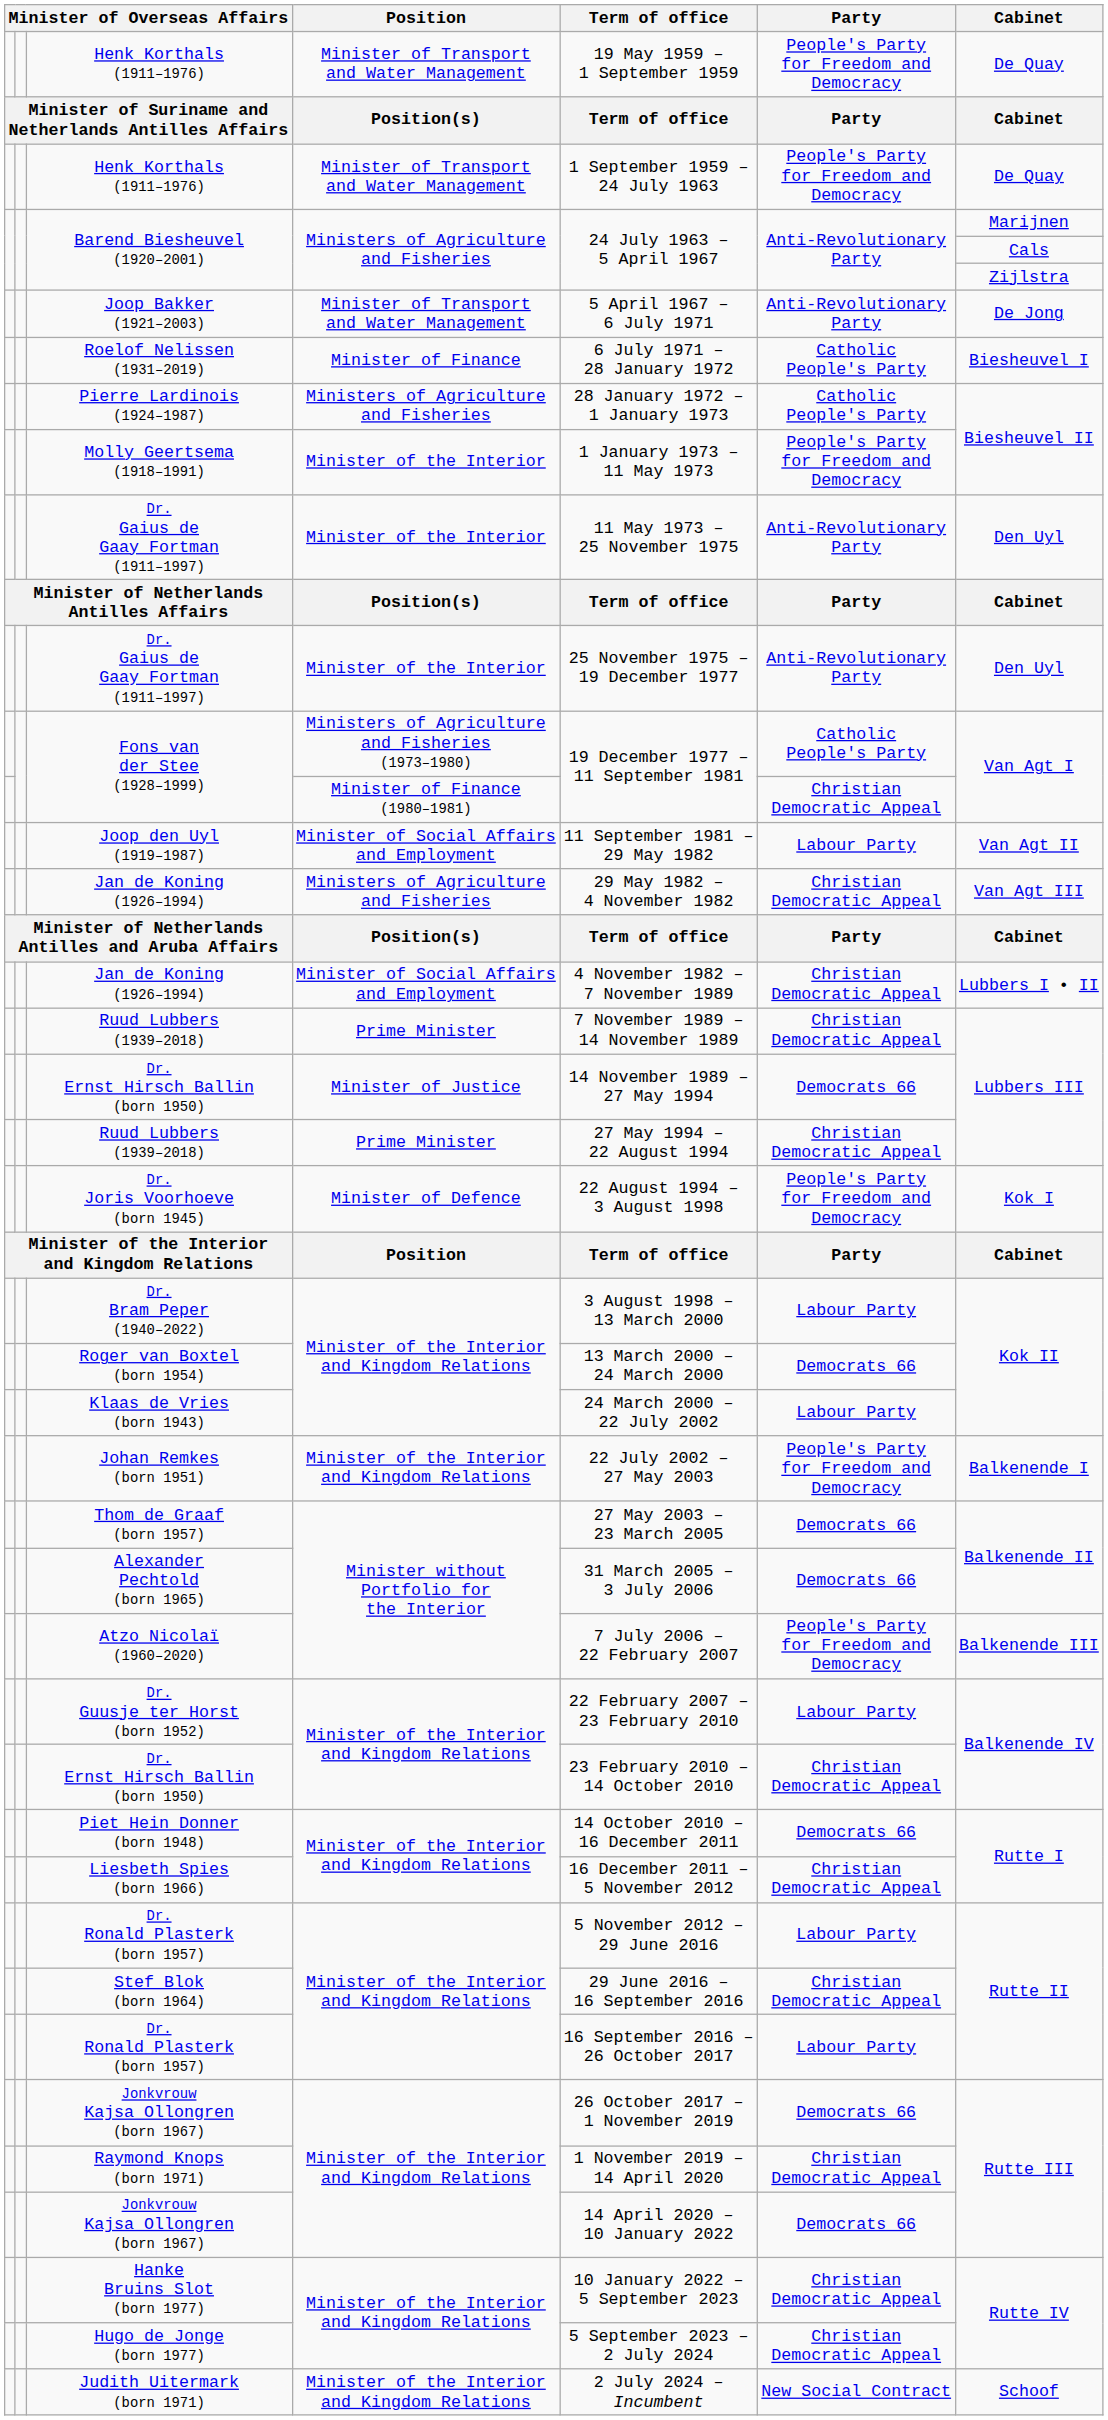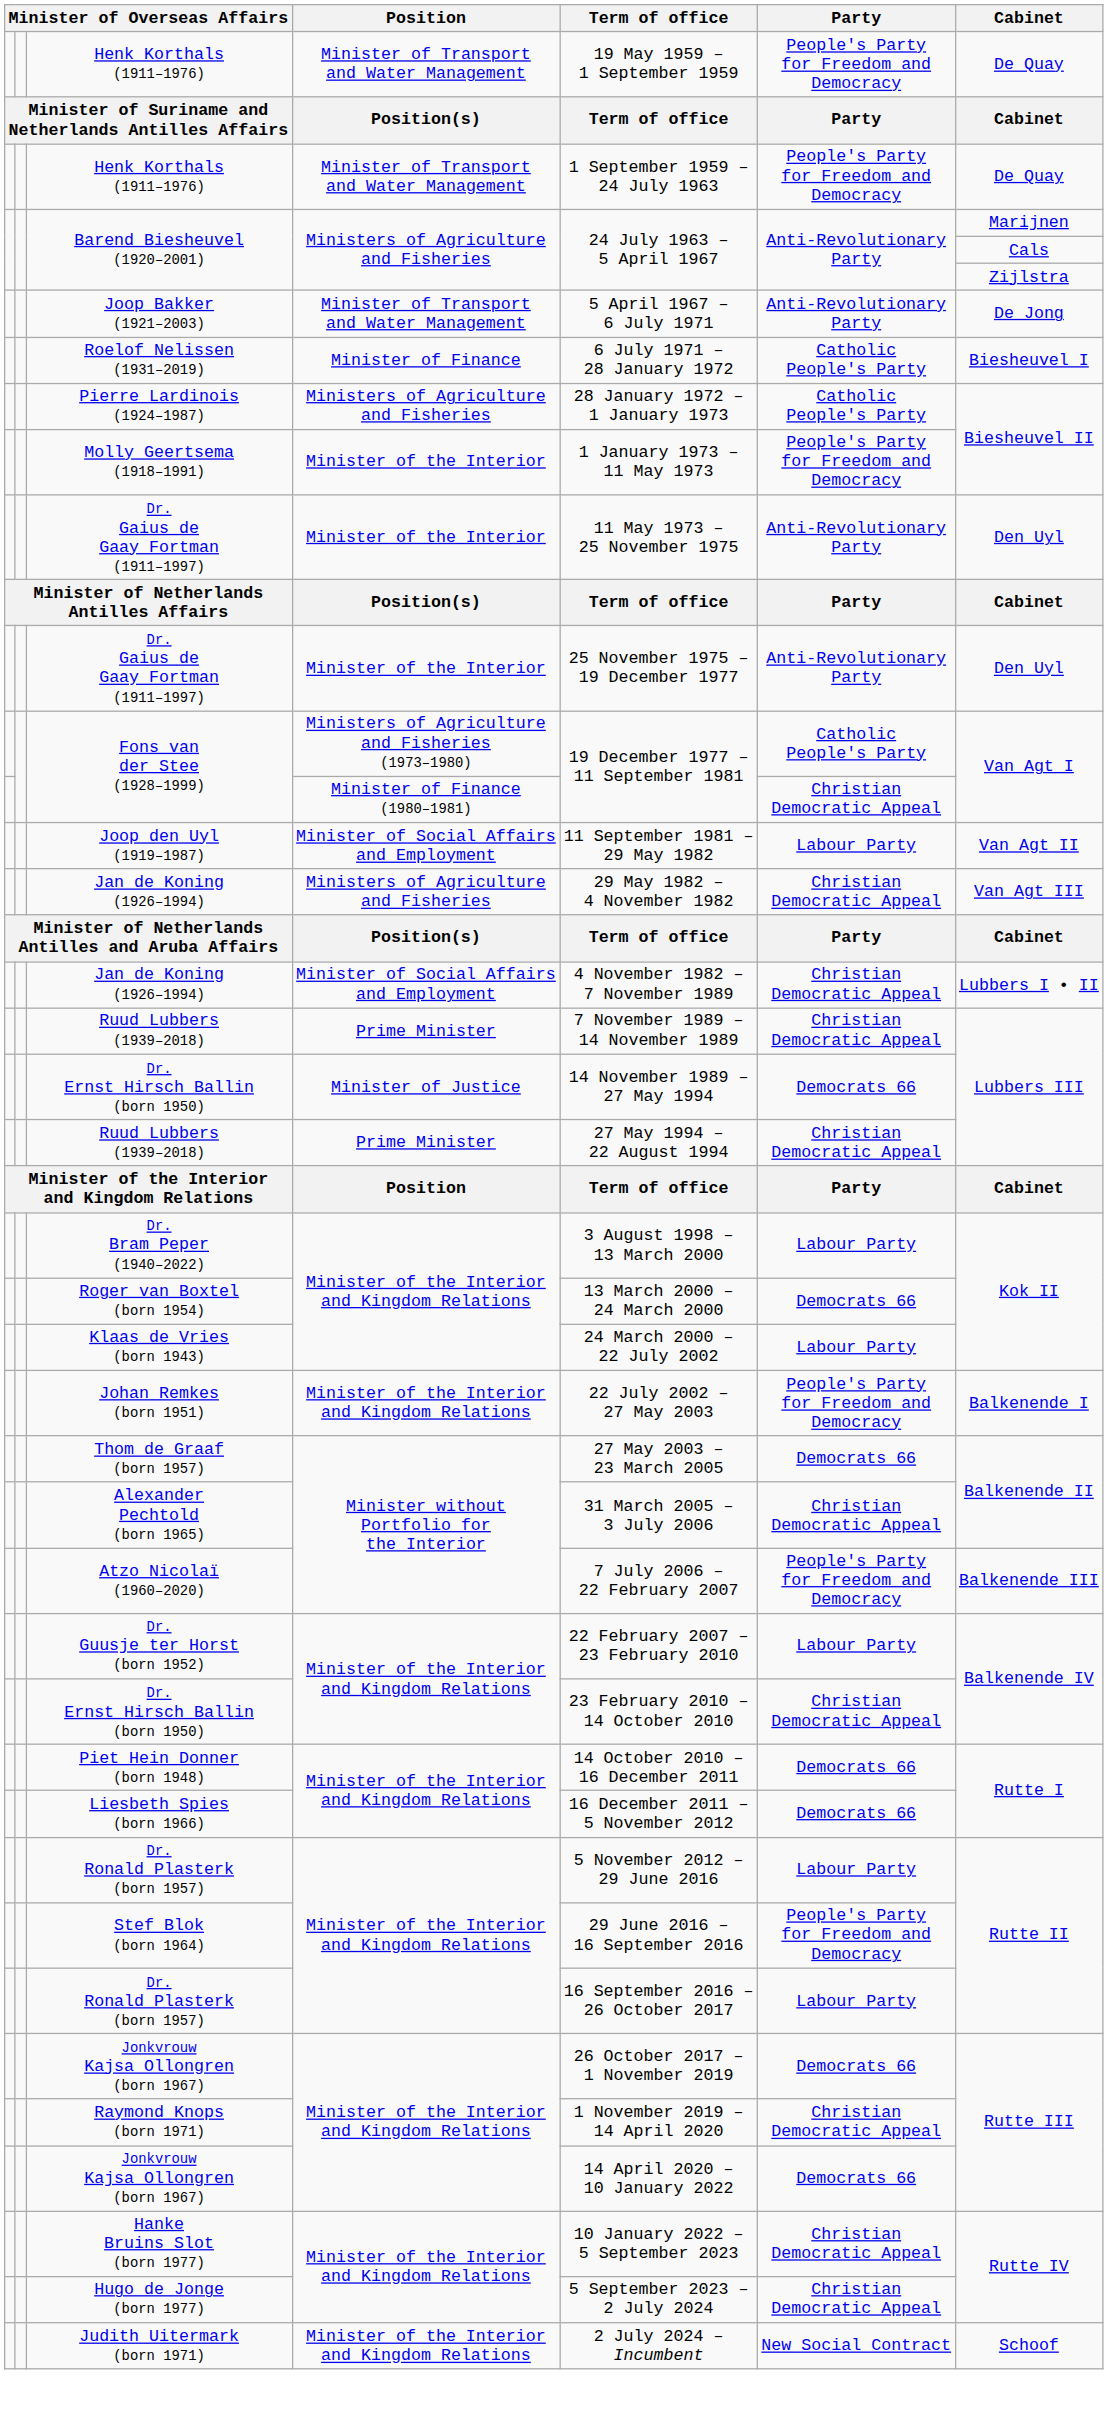 <table class="wikitable" style="text-align:center">
 <tr>
 <th colspan=3>Minister of Overseas Affairs</th>
 <th>Position</th>
 <th>Term of office</th>
 <th>Party</th>
 <th>Cabinet</th>
 </tr>
 <tr>
 <td style="background:"></td>
 <td></td>
 <td><a href='#'>Henk Korthals</a> <br> <small>(1911–1976)</small> <br> <small></small></td>
 <td><a href='#'>Minister of Transport <br> and Water Management</a></td>
 <td>19 May 1959 – <br> 1 September 1959</td>
 <td><a href='#'>People's Party <br> for Freedom and <br> Democracy</a></td>
 <td><a href='#'>De Quay</a> <br></td>
 </tr>
 <tr>
 <th colspan=3>Minister of Suriname and <br> Netherlands Antilles Affairs</th>
 <th>Position(s)</th>
 <th>Term of office</th>
 <th>Party</th>
 <th>Cabinet</th>
 </tr>
 <tr>
 <td style="background:"></td>
 <td></td>
 <td><a href='#'>Henk Korthals</a> <br> <small>(1911–1976)</small> <br> <small></small></td>
 <td><a href='#'>Minister of Transport <br> and Water Management</a></td>
 <td>1 September 1959 – <br> 24 July 1963</td>
 <td><a href='#'>People's Party <br> for Freedom and <br> Democracy</a></td>
 <td><a href='#'>De Quay</a> <br></td>
 </tr>
 <tr>
 <td rowspan=3 style="background:"></td>
 <td rowspan=3></td>
 <td rowspan=3><a href='#'>Barend Biesheuvel</a> <br> <small>(1920–2001)</small> <br> <small></small></td>
 <td rowspan=3><a href='#'>Ministers of Agriculture <br> and Fisheries</a></td>
 <td rowspan=3>24 July 1963 – <br> 5 April 1967</td>
 <td rowspan=3><a href='#'>Anti-Revolutionary <br> Party</a></td>
 <td><a href='#'>Marijnen</a> <br></td>
 </tr>
 <tr>
 <td><a href='#'>Cals</a> <br></td>
 </tr>
 <tr>
 <td><a href='#'>Zijlstra</a> <br></td>
 </tr>
 <tr>
 <td style="background:"></td>
 <td></td>
 <td><a href='#'>Joop Bakker</a> <br> <small>(1921–2003)</small> <br> <small></small></td>
 <td><a href='#'>Minister of Transport <br> and Water Management</a></td>
 <td>5 April 1967 – <br> 6 July 1971</td>
 <td><a href='#'>Anti-Revolutionary <br> Party</a></td>
 <td><a href='#'>De Jong</a> <br></td>
 </tr>
 <tr>
 <td style="background:"></td>
 <td></td>
 <td><a href='#'>Roelof Nelissen</a> <br> <small>(1931–2019)</small> <br> <small></small></td>
 <td><a href='#'>Minister of Finance</a></td>
 <td>6 July 1971 – <br> 28 January 1972</td>
 <td><a href='#'>Catholic <br> People's Party</a></td>
 <td rowspan=2><a href='#'>Biesheuvel I</a> <br></td>
 </tr>
 <tr>
 <td rowspan=2 style="background:"></td>
 <td rowspan=2></td>
 <td rowspan=2><a href='#'>Pierre Lardinois</a> <br> <small>(1924–1987)</small></td>
 <td rowspan=2><a href='#'>Ministers of Agriculture <br> and Fisheries</a></td>
 <td rowspan=2>28 January 1972 – <br> 1 January 1973 <br> </td>
 <td rowspan=2><a href='#'>Catholic <br> People's Party</a></td>
 </tr>
 <tr>
 <td rowspan=2><a href='#'>Biesheuvel II</a> <br></td>
 </tr>
 <tr>
 <td style="background:"></td>
 <td></td>
 <td><a href='#'>Molly Geertsema</a> <br> <small>(1918–1991)</small> <br> <small></small></td>
 <td><a href='#'>Minister of the Interior</a></td>
 <td>1 January 1973 – <br> 11 May 1973</td>
 <td><a href='#'>People's Party <br> for Freedom and <br> Democracy</a></td>
 </tr>
 <tr>
 <td style="background:"></td>
 <td></td>
 <td><small><a href='#'>Dr.</a></small> <br> <a href='#'>Gaius de <br> Gaay Fortman</a> <br> <small>(1911–1997)</small></td>
 <td><a href='#'>Minister of the Interior</a></td>
 <td>11 May 1973 – <br> 25 November 1975</td>
 <td><a href='#'>Anti-Revolutionary <br> Party</a></td>
 <td><a href='#'>Den Uyl</a> <br></td>
 </tr>
 <tr>
 <th colspan=3>Minister of Netherlands <br> Antilles Affairs</th>
 <th>Position(s)</th>
 <th>Term of office</th>
 <th>Party</th>
 <th>Cabinet</th>
 </tr>
 <tr>
 <td style="background:"></td>
 <td></td>
 <td><small><a href='#'>Dr.</a></small> <br> <a href='#'>Gaius de <br> Gaay Fortman</a> <br> <small>(1911–1997)</small> <br> <small></small></td>
 <td><a href='#'>Minister of the Interior</a></td>
 <td>25 November 1975 – <br> 19 December 1977 <br> </td>
 <td><a href='#'>Anti-Revolutionary <br> Party</a></td>
 <td><a href='#'>Den Uyl</a> <br></td>
 </tr>
 <tr>
 <td style="background:"></td>
 <td rowspan=2></td>
 <td rowspan=2><a href='#'>Fons van <br> der Stee</a> <br> <small>(1928–1999)</small></td>
 <td><a href='#'>Ministers of Agriculture <br> and Fisheries</a> <br> <small>(1973–1980)</small></td>
 <td rowspan=2>19 December 1977 – <br> 11 September 1981</td>
 <td><a href='#'>Catholic <br> People's Party</a></td>
 <td rowspan=2><a href='#'>Van Agt I</a> <br></td>
 </tr>
 <tr>
 <td style="background:"></td>
 <td><a href='#'>Minister of Finance</a> <br> <small>(1980–1981)</small></td>
 <td><a href='#'>Christian <br> Democratic Appeal</a></td>
 </tr>
 <tr>
 <td style="background:"></td>
 <td></td>
 <td><a href='#'>Joop den Uyl</a> <br> <small>(1919–1987)</small> <br> <small></small></td>
 <td><a href='#'>Minister of Social Affairs <br> and Employment</a></td>
 <td>11 September 1981 – <br> 29 May 1982 <br> </td>
 <td><a href='#'>Labour Party</a></td>
 <td><a href='#'>Van Agt II</a> <br></td>
 </tr>
 <tr>
 <td style="background:"></td>
 <td></td>
 <td><a href='#'>Jan de Koning</a> <br> <small>(1926–1994)</small></td>
 <td><a href='#'>Ministers of Agriculture <br> and Fisheries</a></td>
 <td>29 May 1982 – <br> 4 November 1982</td>
 <td><a href='#'>Christian <br> Democratic Appeal</a></td>
 <td><a href='#'>Van Agt III</a> <br></td>
 </tr>
 <tr>
 <th colspan=3>Minister of Netherlands <br> Antilles and Aruba Affairs</th>
 <th>Position(s)</th>
 <th>Term of office</th>
 <th>Party</th>
 <th>Cabinet</th>
 </tr>
 <tr>
 <td style="background:"></td>
 <td></td>
 <td><a href='#'>Jan de Koning</a> <br> <small>(1926–1994)</small></td>
 <td><a href='#'>Minister of Social Affairs <br> and Employment</a></td>
 <td>4 November 1982 – <br> 7 November 1989</td>
 <td><a href='#'>Christian <br> Democratic Appeal</a></td>
 <td><a href='#'>Lubbers I</a> • <a href='#'>II</a> <br></td>
 </tr>
 <tr>
 <td style="background:"></td>
 <td></td>
 <td><a href='#'>Ruud Lubbers</a> <br> <small>(1939–2018)</small></td>
 <td><a href='#'>Prime Minister</a></td>
 <td>7 November 1989 – <br> 14 November 1989 <br> </td>
 <td><a href='#'>Christian <br> Democratic Appeal</a></td>
 <td rowspan=3><a href='#'>Lubbers III</a> <br></td>
 </tr>
 <tr>
 <td style="background:"></td>
 <td></td>
 <td><small><a href='#'>Dr.</a></small> <br> <a href='#'>Ernst Hirsch Ballin</a> <br> <small>(born 1950)</small></td>
 <td><a href='#'>Minister of Justice</a></td>
 <td>14 November 1989 – <br> 27 May 1994 <br> </td>
 <td><a href='#'>Democrats 66</a></td>
 </tr>
 <tr>
 <td style="background:"></td>
 <td></td>
 <td><a href='#'>Ruud Lubbers</a> <br> <small>(1939–2018)</small></td>
 <td><a href='#'>Prime Minister</a></td>
 <td>27 May 1994 – <br> 22 August 1994 <br> </td>
 <td><a href='#'>Christian <br> Democratic Appeal</a></td>
 </tr>
 <tr>
-<td style="background:"></td>
-<td></td>
-<td><small><a href='#'>Dr.</a></small> <br> <a href='#'>Joris Voorhoeve</a> <br> <small>(born 1945)</small></td>
-<td><a href='#'>Minister of Defence</a></td>
-<td>22 August 1994 – <br> 3 August 1998</td>
-<td><a href='#'>People's Party <br> for Freedom and <br> Democracy</a></td>
-<td><a href='#'>Kok I</a> <br></td>
-</tr>
-<tr>
 <th colspan=3>Minister of the Interior <br> and Kingdom Relations</th>
 <th>Position</th>
 <th>Term of office</th>
 <th>Party</th>
 <th>Cabinet</th>
 </tr>
 <tr>
 <td style="background:"></td>
 <td></td>
 <td><small><a href='#'>Dr.</a></small> <br> <a href='#'>Bram Peper</a> <br> <small>(1940–2022)</small></td>
 <td rowspan=3><a href='#'>Minister of the Interior <br> and Kingdom Relations</a></td>
 <td>3 August 1998 – <br> 13 March 2000 <br> </td>
 <td><a href='#'>Labour Party</a></td>
 <td rowspan=3><a href='#'>Kok II</a> <br></td>
 </tr>
 <tr>
 <td style="background:"></td>
 <td></td>
 <td><a href='#'>Roger van Boxtel</a> <br> <small>(born 1954)</small></td>
 <td>13 March 2000 – <br> 24 March 2000 <br>  </td>
 <td><a href='#'>Democrats 66</a></td>
 </tr>
 <tr>
 <td style="background:"></td>
 <td></td>
 <td><a href='#'>Klaas de Vries</a> <br> <small>(born 1943)</small></td>
 <td>24 March 2000 – <br> 22 July 2002</td>
 <td><a href='#'>Labour Party</a></td>
 </tr>
 <tr>
 <td style="background:"></td>
 <td></td>
 <td><a href='#'>Johan Remkes</a> <br> <small>(born 1951)</small> <br> <small></small></td>
 <td><a href='#'>Minister of the Interior <br> and Kingdom Relations</a></td>
 <td>22 July 2002 – <br> 27 May 2003</td>
 <td><a href='#'>People's Party <br> for Freedom and <br> Democracy</a></td>
 <td><a href='#'>Balkenende I</a> <br></td>
 </tr>
 <tr>
 <td style="background:"></td>
 <td></td>
 <td><a href='#'>Thom de Graaf</a> <br> <small>(born 1957)</small> <br> <small></small></td>
 <td rowspan=3><a href='#'>Minister without <br> Portfolio for <br> the Interior</a></td>
 <td>27 May 2003 – <br> 23 March 2005 <br> </td>
 <td><a href='#'>Democrats 66</a></td>
 <td rowspan=2><a href='#'>Balkenende II</a> <br></td>
 </tr>
 <tr>
 <td style="background:"></td>
 <td></td>
 <td><a href='#'>Alexander <br>  Pechtold</a> <br> <small>(born 1965)</small></td>
 <td>31 March 2005 – <br> 3 July 2006 <br> </td>
-<td><a href='#'>Democrats 66</a></td>
+<td><a href='#'>Christian <br> Democratic Appeal</a></td>
 </tr>
 <tr>
 <td style="background:"></td>
 <td></td>
 <td><a href='#'>Atzo Nicolaï</a> <br> <small>(1960–2020)</small></td>
 <td>7 July 2006 – <br> 22 February 2007</td>
 <td><a href='#'>People's Party <br> for Freedom and <br> Democracy</a></td>
 <td><a href='#'>Balkenende III</a> <br></td>
 </tr>
 <tr>
 <td style="background:"></td>
 <td></td>
 <td><small><a href='#'>Dr.</a></small> <br> <a href='#'>Guusje ter Horst</a> <br> <small>(born 1952)</small></td>
 <td rowspan=2><a href='#'>Minister of the Interior <br> and Kingdom Relations</a></td>
 <td>22 February 2007 – <br> 23 February 2010 <br> </td>
 <td><a href='#'>Labour Party</a></td>
 <td rowspan=2><a href='#'>Balkenende IV</a> <br></td>
 </tr>
 <tr>
 <td style="background:"></td>
 <td></td>
 <td><small><a href='#'>Dr.</a></small> <br> <a href='#'>Ernst Hirsch Ballin</a> <br> <small>(born 1950)</small></td>
 <td>23 February 2010 – <br> 14 October 2010 <br> </td>
 <td><a href='#'>Christian <br> Democratic Appeal</a></td>
 </tr>
 <tr>
 <td style="background:"></td>
 <td></td>
 <td><a href='#'>Piet Hein Donner</a> <br> <small>(born 1948)</small></td>
 <td rowspan=2><a href='#'>Minister of the Interior <br> and Kingdom Relations</a></td>
 <td>14 October 2010 – <br> 16 December 2011 <br> </td>
 <td><a href='#'>Democrats 66</a></td>
 <td rowspan=2><a href='#'>Rutte I</a> <br></td>
 </tr>
 <tr>
 <td style="background:"></td>
 <td></td>
 <td><a href='#'>Liesbeth Spies</a> <br> <small>(born 1966)</small></td>
 <td>16 December 2011 – <br> 5 November 2012</td>
-<td><a href='#'>Christian <br> Democratic Appeal</a></td>
+<td><a href='#'>Democrats 66</a></td>
 </tr>
 <tr>
 <td style="background:"></td>
 <td></td>
 <td><small><a href='#'>Dr.</a></small> <br> <a href='#'>Ronald Plasterk</a> <br> <small>(born 1957)</small></td>
 <td rowspan=3><a href='#'>Minister of the Interior <br> and Kingdom Relations</a></td>
 <td>5 November 2012 – <br> 29 June 2016 <br> </td>
 <td><a href='#'>Labour Party</a></td>
 <td rowspan=3><a href='#'>Rutte II</a> <br></td>
 </tr>
 <tr>
 <td style="background:"></td>
 <td></td>
 <td><a href='#'>Stef Blok</a> <br> <small>(born 1964)</small></td>
 <td>29 June 2016 – <br> 16 September 2016 <br>  </td>
-<td><a href='#'>Christian <br> Democratic Appeal</a></td>
+<td><a href='#'>People's Party <br> for Freedom and <br> Democracy</a></td>
 </tr>
 <tr>
 <td style="background:"></td>
 <td></td>
 <td><small><a href='#'>Dr.</a></small> <br> <a href='#'>Ronald Plasterk</a> <br> <small>(born 1957)</small></td>
 <td>16 September 2016 – <br> 26 October 2017</td>
 <td><a href='#'>Labour Party</a></td>
 </tr>
 <tr>
 <td style="background:"></td>
 <td></td>
 <td><small><a href='#'>Jonkvrouw</a></small> <br> <a href='#'>Kajsa Ollongren</a> <br> <small>(born 1967)</small> <br> <small></small></td>
 <td rowspan=3><a href='#'>Minister of the Interior <br> and Kingdom Relations</a></td>
 <td>26 October 2017 – <br> 1 November 2019 <br> </td>
 <td><a href='#'>Democrats 66</a></td>
 <td rowspan=3><a href='#'>Rutte III</a> <br></td>
 </tr>
 <tr>
 <td style="background:"></td>
 <td></td>
 <td><a href='#'>Raymond Knops</a> <br> <small>(born 1971)</small></td>
 <td>1 November 2019 – <br> 14 April 2020 <br> </td>
 <td><a href='#'>Christian <br> Democratic Appeal</a></td>
 </tr>
 <tr>
 <td style="background:"></td>
 <td></td>
 <td><small><a href='#'>Jonkvrouw</a></small> <br> <a href='#'>Kajsa Ollongren</a> <br> <small>(born 1967)</small> <br> <small></small></td>
 <td>14 April 2020 – <br> 10 January 2022</td>
 <td><a href='#'>Democrats 66</a></td>
 </tr>
 <tr>
 <td style="background:"></td>
 <td></td>
 <td><a href='#'>Hanke <br> Bruins Slot</a> <br> <small>(born 1977)</small></td>
 <td rowspan=2><a href='#'>Minister of the Interior <br> and Kingdom Relations</a></td>
 <td>10 January 2022 – <br> 5 September 2023</td>
 <td><a href='#'>Christian <br> Democratic Appeal</a></td>
 <td rowspan=2><a href='#'>Rutte IV</a> <br></td>
 </tr>
 <tr>
 <td style="background:"></td>
 <td></td>
 <td><a href='#'>Hugo de Jonge</a> <br> <small>(born 1977)</small></td>
 <td>5 September 2023 – <br> 2 July 2024</td>
 <td><a href='#'>Christian <br> Democratic Appeal</a></td>
 </tr>
 <tr>
 <td style="background:"></td>
 <td></td>
 <td><a href='#'>Judith Uitermark</a> <br> <small>(born 1971)</small></td>
 <td><a href='#'>Minister of the Interior <br> and Kingdom Relations</a></td>
 <td>2 July 2024 – <br> <em>Incumbent</em></td>
 <td><a href='#'>New Social Contract</a></td>
 <td><a href='#'>Schoof</a> <br></td>
 </tr>
 </table>
